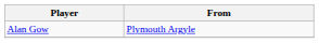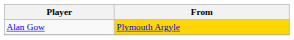 <table class="wikitable" style="text-align:center; font-size:95%;width:75%; text-align:left">
 <tr>
 <th><strong>Player</strong></th>
 <th><strong>From</strong></th>
 </tr>
 <tr>
 <td> <a href='#'>Alan Gow</a></td>
-<td><a href='#'>Plymouth Argyle</a></td>
+<td style="background: gold;"><a href='#'>Plymouth Argyle</a></td>
 </tr>
 <tr>
 </tr>
 </table>
